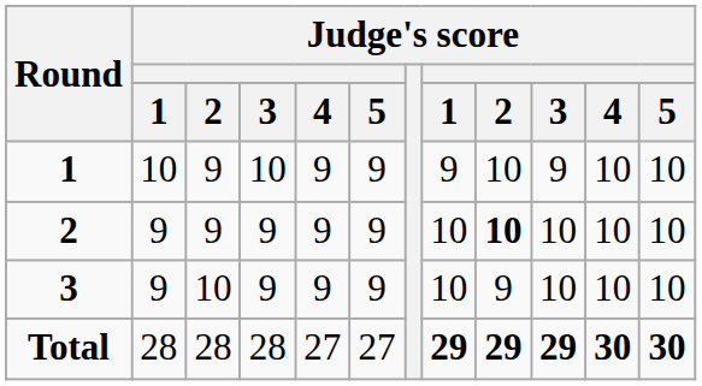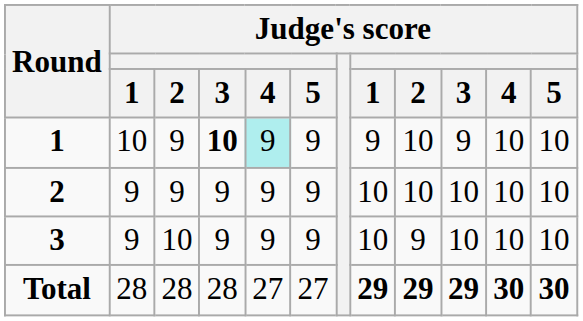 <table class="wikitable" style="text-align:center;">
 <tr>
 <th rowspan="3">Round</th>
 <th colspan="11">Judge's score</th>
 </tr>
 <tr>
 <th colspan="5"></th>
 <th rowspan="6"></th>
 <th colspan="5"></th>
 </tr>
 <tr>
 <th>1</th>
 <th>2</th>
 <th>3</th>
 <th>4</th>
 <th>5</th>
 <th>1</th>
 <th>2</th>
 <th>3</th>
 <th>4</th>
 <th>5</th>
 </tr>
 <tr>
 <td><strong>1</strong></td>
 <td>10</td>
 <td>9</td>
-<td>10</td>
-<td>9</td>
+<td><strong>10</strong></td>
+<td style="background: paleturquoise;">9</td>
 <td>9</td>
 <td>9</td>
 <td>10</td>
 <td>9</td>
 <td>10</td>
 <td>10</td>
 </tr>
 <tr>
 <td><strong>2</strong></td>
 <td>9</td>
 <td>9</td>
 <td>9</td>
 <td>9</td>
 <td>9</td>
 <td>10</td>
-<td><strong>10</strong></td>
+<td>10</td>
 <td>10</td>
 <td>10</td>
 <td>10</td>
 </tr>
 <tr>
 <td><strong>3</strong></td>
 <td>9</td>
 <td>10</td>
 <td>9</td>
 <td>9</td>
 <td>9</td>
 <td>10</td>
 <td>9</td>
 <td>10</td>
 <td>10</td>
 <td>10</td>
 </tr>
 <tr>
 <td><strong>Total</strong></td>
 <td>28</td>
 <td>28</td>
 <td>28</td>
 <td>27</td>
 <td>27</td>
 <td><strong>29</strong></td>
 <td><strong>29</strong></td>
 <td><strong>29</strong></td>
 <td><strong>30</strong></td>
 <td><strong>30</strong></td>
 </tr>
 </table>
